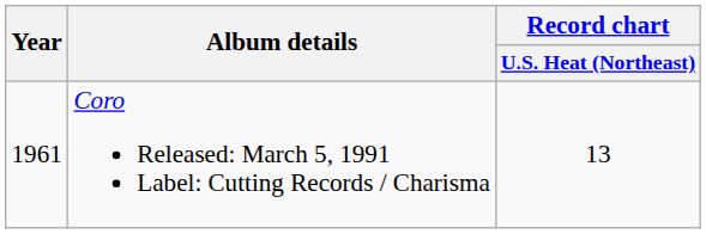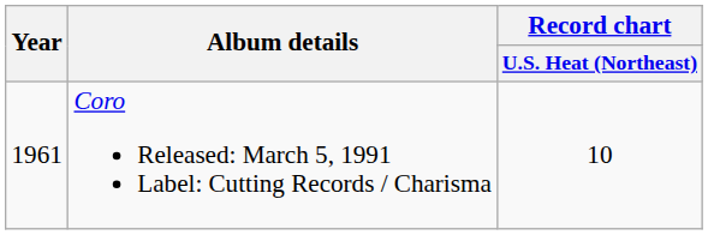 <table Class = "wikitable">
 <tr>
 <th rowspan = "2">Year</th>
 <th rowspan = "2">Album details</th>
 <th colspan = "2"><a href='#'>Record chart</a></th>
 </tr>
 <tr Style = "font-size: smaller;">
 <th><a href='#'>U.S. Heat (Northeast)</a></th>
 </tr>
 <tr>
 <td style="text-align:center;">1961</td>
 <td><em><a href='#'>Coro</a></em><br><ul><li>Released: March 5, 1991</li><li>Label: Cutting Records / Charisma</li></ul></td>
-<td style="text-align:center;">13</td>
+<td style="text-align:center;">10</td>
 </tr>
 </table>
